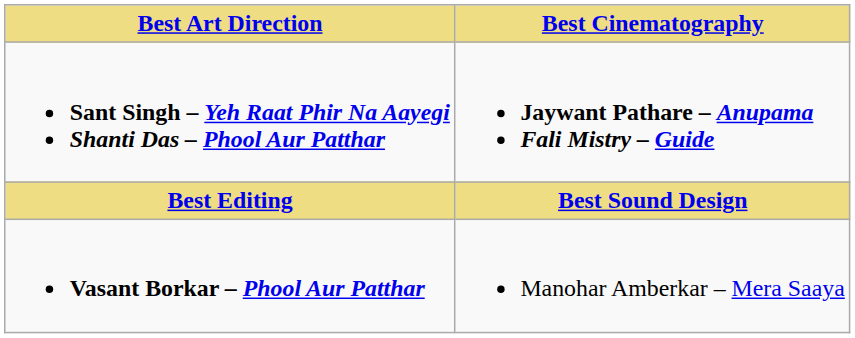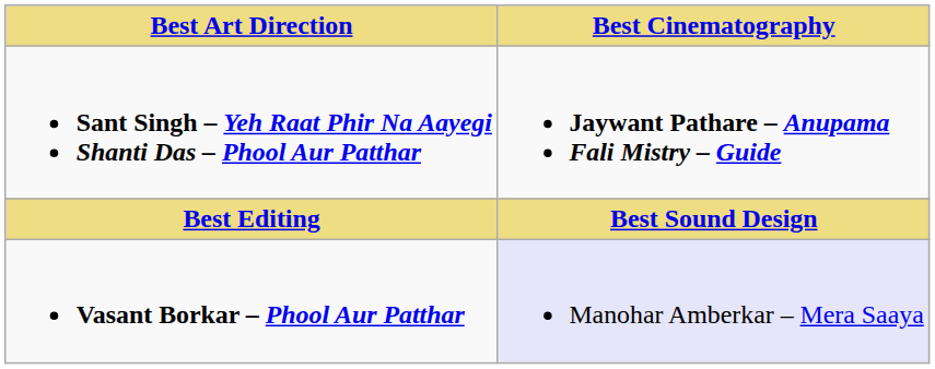 <table class="wikitable">
 <tr>
 <th style="background:#EEDD82;"><a href='#'>Best Art Direction</a></th>
 <th style="background:#EEDD82;"><a href='#'>Best Cinematography</a></th>
 </tr>
 <tr>
 <td><br><ul><li><strong>Sant Singh – <em><a href='#'>Yeh Raat Phir Na Aayegi</a><strong><em> </li><li></strong>Shanti Das – </em><a href='#'>Phool Aur Patthar</a></em></strong> </li></ul></td>
 <td><br><ul><li><strong>Jaywant Pathare – <em><a href='#'>Anupama</a><strong><em> </li><li></strong>Fali Mistry – </em><a href='#'>Guide</a></em></strong> </li></ul></td>
 </tr>
 <tr>
 <th style="background:#EEDD82;"><a href='#'>Best Editing</a></th>
 <th style="background:#EEDD82;"><a href='#'>Best Sound Design</a></th>
 </tr>
 <tr>
 <td><br><ul><li><strong>Vasant Borkar – <em><a href='#'>Phool Aur Patthar</a><strong><em></li></ul></td>
-<td><br><ul><li></strong>Manohar Amberkar – </em><a href='#'>Mera Saaya</a></em></strong></li></ul></td>
+<td style="background: lavender;"><br><ul><li></strong>Manohar Amberkar – </em><a href='#'>Mera Saaya</a></em></strong></li></ul></td>
 </tr>
 </table>
